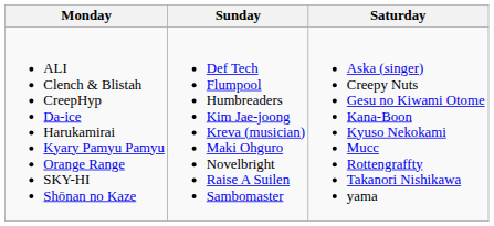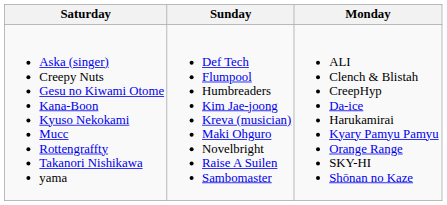 <table class="wikitable">
 <tr>
+<th>Saturday</th>
+<th>Sunday</th>
 <th>Monday</th>
-<th>Sunday</th>
-<th>Saturday</th>
 </tr>
 <tr valign="top">
+<td><br><ul><li><a href='#'>Aska (singer)</a></li><li>Creepy Nuts</li><li><a href='#'>Gesu no Kiwami Otome</a></li><li><a href='#'>Kana-Boon</a></li><li><a href='#'>Kyuso Nekokami</a></li><li><a href='#'>Mucc</a></li><li><a href='#'>Rottengraffty</a></li><li><a href='#'>Takanori Nishikawa</a></li><li>yama</li></ul></td>
+<td><br><ul><li><a href='#'>Def Tech</a></li><li><a href='#'>Flumpool</a></li><li>Humbreaders</li><li><a href='#'>Kim Jae-joong</a></li><li><a href='#'>Kreva (musician)</a></li><li><a href='#'>Maki Ohguro</a></li><li>Novelbright</li><li><a href='#'>Raise A Suilen</a></li><li><a href='#'>Sambomaster</a></li></ul></td>
 <td><br><ul><li>ALI</li><li>Clench & Blistah</li><li>CreepHyp</li><li><a href='#'>Da-ice</a></li><li>Harukamirai</li><li><a href='#'>Kyary Pamyu Pamyu</a></li><li><a href='#'>Orange Range</a></li><li>SKY-HI</li><li><a href='#'>Shōnan no Kaze</a></li></ul></td>
-<td><br><ul><li><a href='#'>Def Tech</a></li><li><a href='#'>Flumpool</a></li><li>Humbreaders</li><li><a href='#'>Kim Jae-joong</a></li><li><a href='#'>Kreva (musician)</a></li><li><a href='#'>Maki Ohguro</a></li><li>Novelbright</li><li><a href='#'>Raise A Suilen</a></li><li><a href='#'>Sambomaster</a></li></ul></td>
-<td><br><ul><li><a href='#'>Aska (singer)</a></li><li>Creepy Nuts</li><li><a href='#'>Gesu no Kiwami Otome</a></li><li><a href='#'>Kana-Boon</a></li><li><a href='#'>Kyuso Nekokami</a></li><li><a href='#'>Mucc</a></li><li><a href='#'>Rottengraffty</a></li><li><a href='#'>Takanori Nishikawa</a></li><li>yama</li></ul></td>
 </tr>
 </table>
